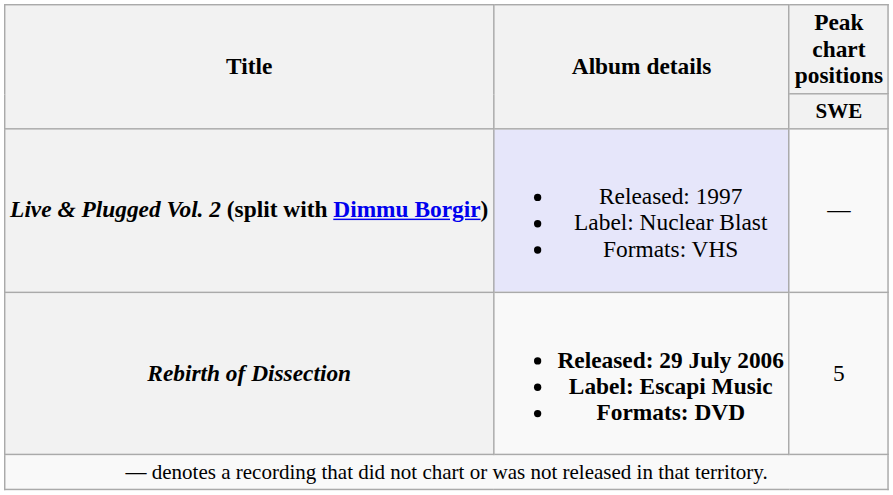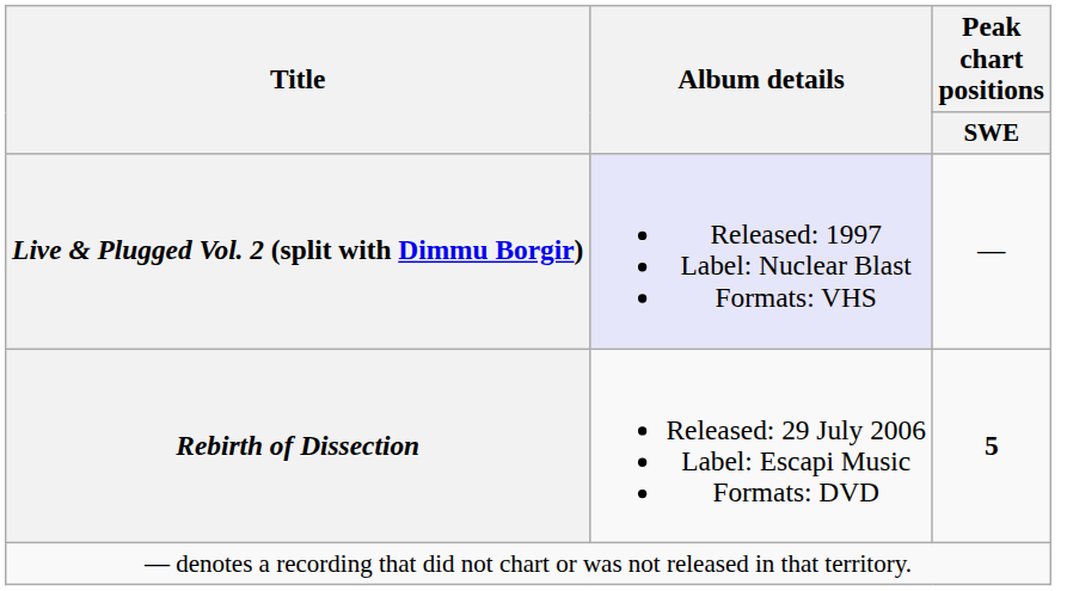 <table class="wikitable plainrowheaders" style="text-align:center;">
 <tr>
 <th scope="col" rowspan="2">Title</th>
 <th scope="col" rowspan="2">Album details</th>
 <th scope="col" colspan="1">Peak chart positions</th>
 </tr>
 <tr>
 <th scope="col" style="width:3em;font-size:90%;">SWE<br></th>
 </tr>
 <tr>
 <th scope="row"><em>Live & Plugged Vol. 2</em> (split with <a href='#'>Dimmu Borgir</a>)</th>
 <td style="background: lavender;"><br><ul><li>Released: 1997</li><li>Label: Nuclear Blast</li><li>Formats: VHS</li></ul></td>
 <td>—</td>
 </tr>
 <tr>
 <th scope="row"><em>Rebirth of Dissection</em></th>
-<td><strong><br><ul><li>Released: 29 July 2006</li><li>Label: Escapi Music</li><li>Formats: DVD</li></ul></strong></td>
-<td>5</td>
+<td><br><ul><li>Released: 29 July 2006</li><li>Label: Escapi Music</li><li>Formats: DVD</li></ul></td>
+<td><strong>5</strong></td>
 </tr>
 <tr>
 <td colspan="15" style="font-size:90%">— denotes a recording that did not chart or was not released in that territory.</td>
 </tr>
 </table>
